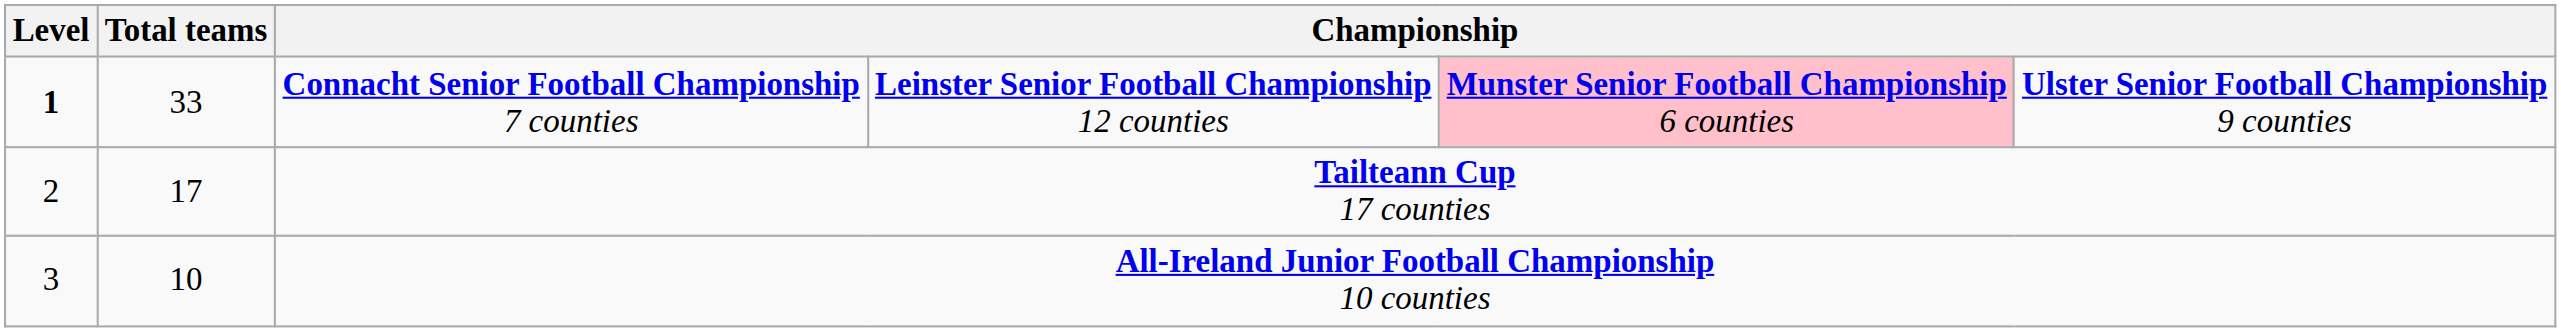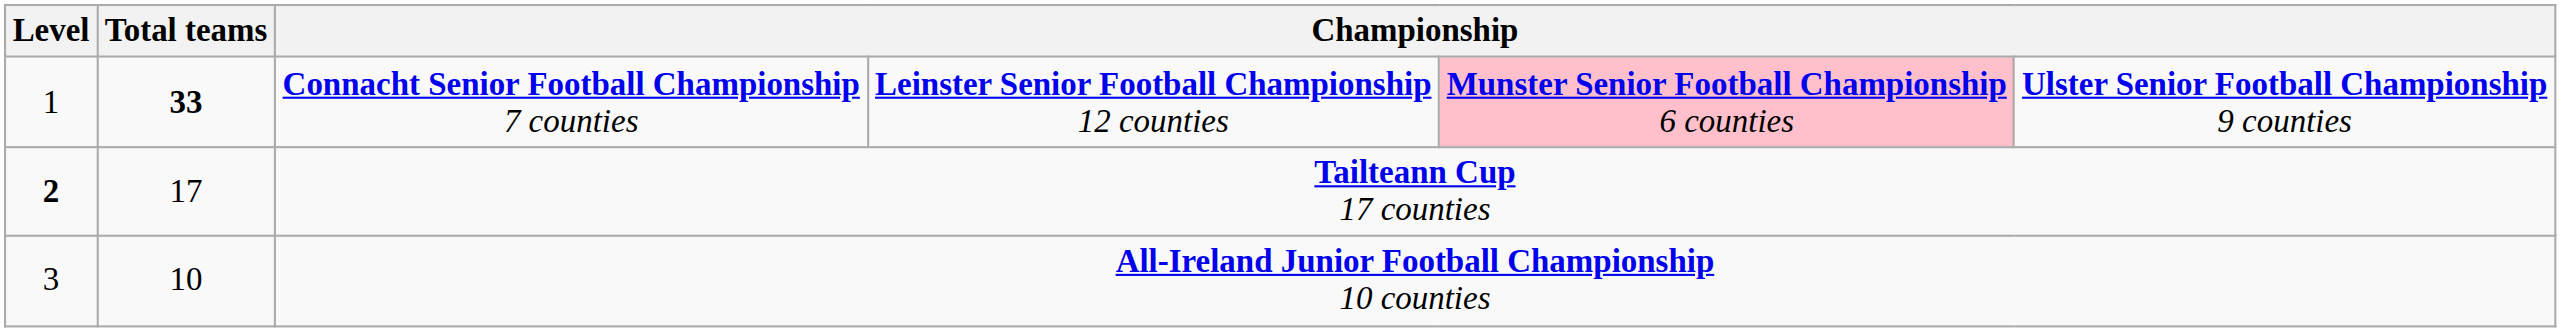 <table class="wikitable" style="text-align: center;">
 <tr>
 <th>Level</th>
 <th>Total teams</th>
 <th colspan="4">Championship</th>
 </tr>
 <tr>
-<td><strong>1</strong></td>
-<td>33</td>
+<td>1</td>
+<td><strong>33</strong></td>
 <td><strong><a href='#'>Connacht Senior Football Championship</a></strong><br><em>7 counties</em></td>
 <td><strong><a href='#'>Leinster Senior Football Championship</a></strong><br><em>12 counties</em></td>
 <td style="background: pink;"><strong><a href='#'>Munster Senior Football Championship</a></strong><br><em>6 counties</em></td>
 <td><strong><a href='#'>Ulster Senior Football Championship</a></strong><br><em>9 counties</em></td>
 </tr>
 <tr>
-<td>2</td>
+<td><strong>2</strong></td>
 <td>17</td>
 <td colspan="4"><strong><a href='#'>Tailteann Cup</a></strong><br><em>17 counties</em></td>
 </tr>
 <tr>
 <td>3</td>
 <td>10</td>
 <td colspan="4"><strong><a href='#'>All-Ireland Junior Football Championship</a></strong><br><em>10 counties</em></td>
 </tr>
 </table>
